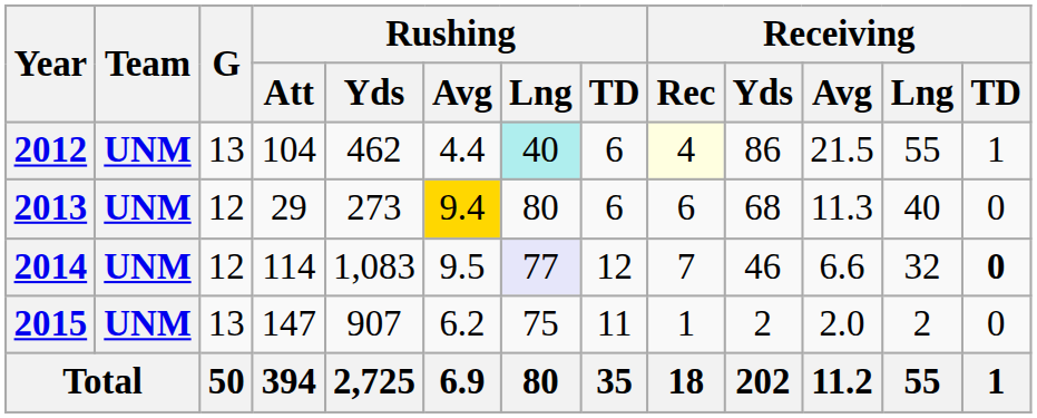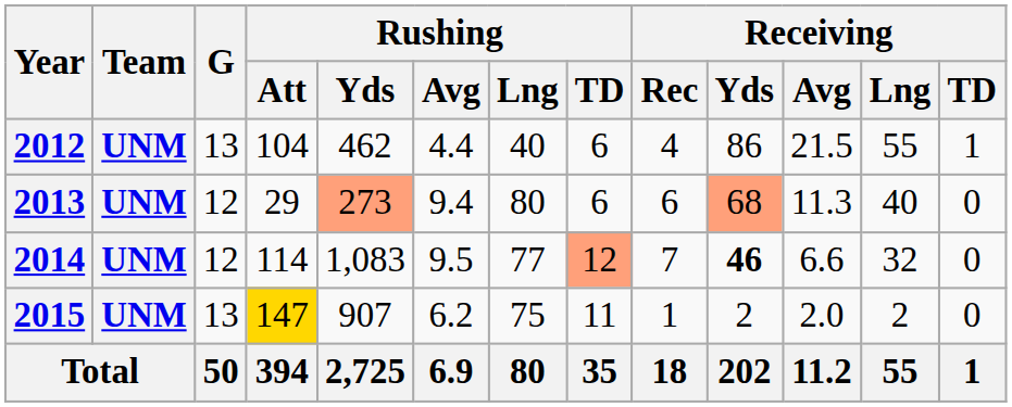 <table class="wikitable" style="text-align: center;">
 <tr>
 <th rowspan="2">Year</th>
 <th rowspan="2">Team</th>
 <th rowspan="2">G</th>
 <th colspan="5">Rushing</th>
 <th colspan="5">Receiving</th>
 </tr>
 <tr>
 <th>Att</th>
 <th>Yds</th>
 <th>Avg</th>
 <th>Lng</th>
 <th>TD</th>
 <th>Rec</th>
 <th>Yds</th>
 <th>Avg</th>
 <th>Lng</th>
 <th>TD</th>
 </tr>
 <tr>
 <th><a href='#'>2012</a></th>
 <th><a href='#'>UNM</a></th>
 <td>13</td>
 <td>104</td>
 <td>462</td>
 <td>4.4</td>
-<td style="background: paleturquoise;">40</td>
+<td>40</td>
 <td>6</td>
-<td style="background: lightyellow;">4</td>
+<td>4</td>
 <td>86</td>
 <td>21.5</td>
 <td>55</td>
 <td>1</td>
 </tr>
 <tr>
 <th><a href='#'>2013</a></th>
 <th><a href='#'>UNM</a></th>
 <td>12</td>
 <td>29</td>
-<td>273</td>
-<td style="background: gold;">9.4</td>
+<td style="background: lightsalmon;">273</td>
+<td>9.4</td>
 <td>80</td>
 <td>6</td>
 <td>6</td>
-<td>68</td>
+<td style="background: lightsalmon;">68</td>
 <td>11.3</td>
 <td>40</td>
 <td>0</td>
 </tr>
 <tr>
 <th><a href='#'>2014</a></th>
 <th><a href='#'>UNM</a></th>
 <td>12</td>
 <td>114</td>
 <td>1,083</td>
 <td>9.5</td>
-<td style="background: lavender;">77</td>
-<td>12</td>
+<td>77</td>
+<td style="background: lightsalmon;">12</td>
 <td>7</td>
-<td>46</td>
+<td><strong>46</strong></td>
 <td>6.6</td>
 <td>32</td>
-<td><strong>0</strong></td>
+<td>0</td>
 </tr>
 <tr>
 <th><a href='#'>2015</a></th>
 <th><a href='#'>UNM</a></th>
 <td>13</td>
-<td>147</td>
+<td style="background: gold;">147</td>
 <td>907</td>
 <td>6.2</td>
 <td>75</td>
 <td>11</td>
 <td>1</td>
 <td>2</td>
 <td>2.0</td>
 <td>2</td>
 <td>0</td>
 </tr>
 <tr>
 <th colspan="2">Total</th>
 <th>50</th>
 <th>394</th>
 <th>2,725</th>
 <th>6.9</th>
 <th>80</th>
 <th>35</th>
 <th>18</th>
 <th>202</th>
 <th>11.2</th>
 <th>55</th>
 <th>1</th>
 </tr>
 </table>
